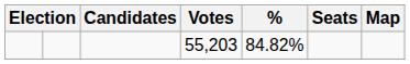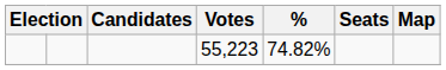 <table class="wikitable" text-align:center;">
 <tr>
 <th colspan=2>Election</th>
 <th>Candidates</th>
 <th>Votes</th>
 <th>%</th>
 <th>Seats</th>
 <th>Map</th>
 </tr>
 <tr>
 <td style="background:"></td>
 <td></td>
 <td></td>
-<td>55,203</td>
-<td>84.82%</td>
+<td>55,223</td>
+<td>74.82%</td>
 <td></td>
 <td></td>
 </tr>
 <tr>
 </tr>
 </table>
